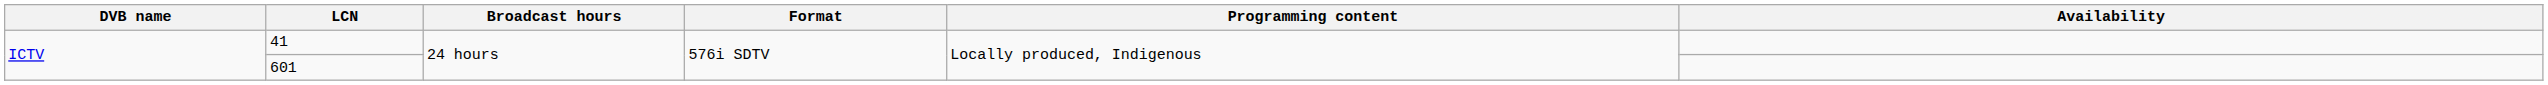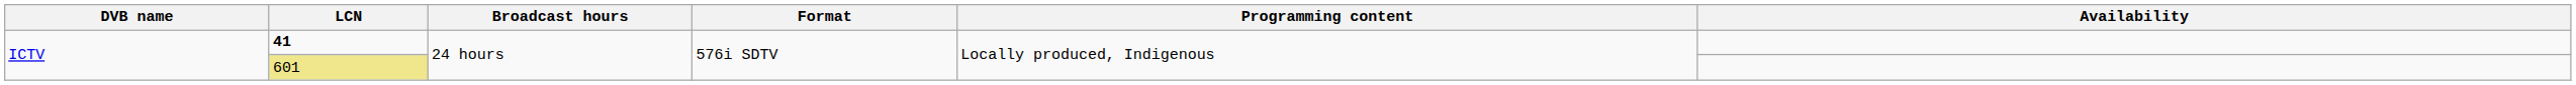 <table class="wikitable" style="font-size:90%; width:100%;">
 <tr>
 <th width="10%">DVB name</th>
 <th width="6%">LCN</th>
 <th width="10%">Broadcast hours</th>
 <th width="10%">Format</th>
 <th width="28%">Programming content</th>
 <th width="33%">Availability</th>
 </tr>
 <tr>
 <td rowspan=2><a href='#'>ICTV</a></td>
-<td>41</td>
+<td><strong>41</strong></td>
 <td rowspan=2>24 hours</td>
 <td rowspan=2>576i SDTV</td>
 <td rowspan=2>Locally produced, Indigenous</td>
 <td></td>
 </tr>
 <tr>
-<td>601</td>
+<td style="background: khaki;">601</td>
 <td></td>
 </tr>
 </table>
